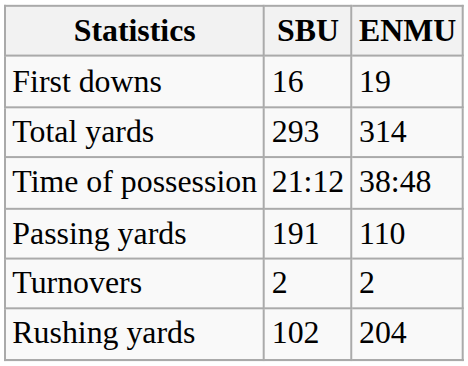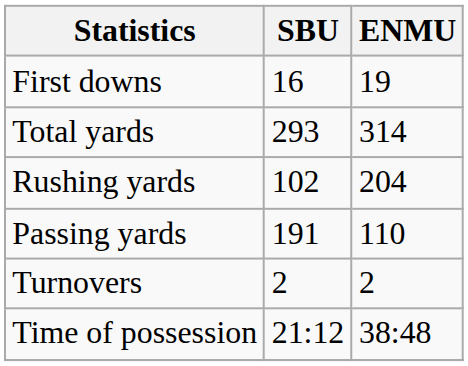 <table class="wikitable" style="float: left;">
 <tr>
 <th>Statistics</th>
 <th>SBU</th>
 <th>ENMU</th>
 </tr>
 <tr>
 <td>First downs</td>
 <td>16</td>
 <td>19</td>
 </tr>
 <tr>
 <td>Total yards</td>
 <td>293</td>
 <td>314</td>
 </tr>
 <tr>
-<td>Time of possession</td>
-<td>21:12</td>
-<td>38:48</td>
+<td>Rushing yards</td>
+<td>102</td>
+<td>204</td>
 </tr>
 <tr>
 <td>Passing yards</td>
 <td>191</td>
 <td>110</td>
 </tr>
 <tr>
 <td>Turnovers</td>
 <td>2</td>
 <td>2</td>
 </tr>
 <tr>
-<td>Rushing yards</td>
-<td>102</td>
-<td>204</td>
+<td>Time of possession</td>
+<td>21:12</td>
+<td>38:48</td>
 </tr>
 <tr>
 </tr>
 </table>
